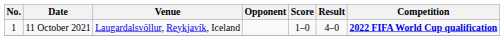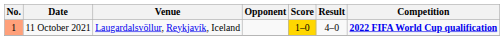 <table class="wikitable sortable">
 <tr>
 <th scope="col">No.</th>
 <th scope="col">Date</th>
 <th scope="col">Venue</th>
 <th scope="col">Opponent</th>
 <th scope="col">Score</th>
 <th scope="col">Result</th>
 <th scope="col">Competition</th>
 </tr>
 <tr>
-<td align="center">1</td>
+<td align="center" style="background: lightsalmon;">1</td>
 <td>11 October 2021</td>
 <td><a href='#'>Laugardalsvöllur</a>, <a href='#'>Reykjavík</a>, Iceland</td>
 <td></td>
-<td align="center">1–0</td>
+<td align="center" style="background: gold;">1–0</td>
 <td style="text-align:center">4–0</td>
 <td><strong><a href='#'>2022 FIFA World Cup qualification</a></strong></td>
 </tr>
 <tr>
 </tr>
 </table>
